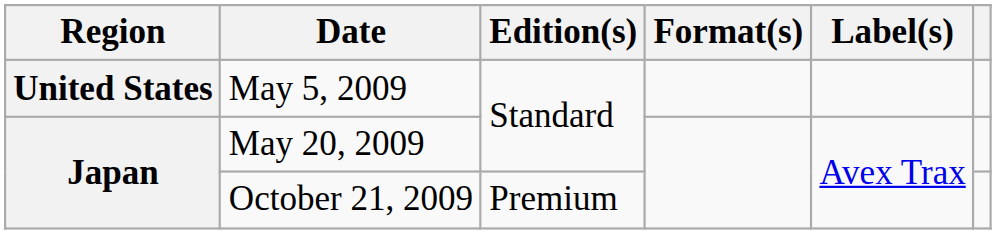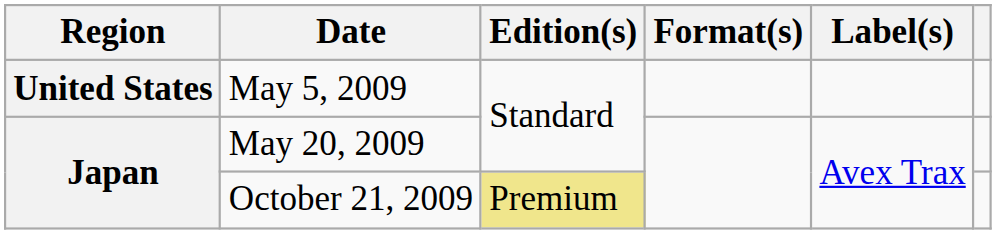 <table class="wikitable sortable plainrowheaders">
 <tr>
 <th scope="col">Region</th>
 <th scope="col">Date</th>
 <th scope="col">Edition(s)</th>
 <th scope="col">Format(s)</th>
 <th scope="col">Label(s)</th>
 <th scope="col"></th>
 </tr>
 <tr>
 <th scope="row">United States</th>
 <td>May 5, 2009</td>
 <td rowspan="2">Standard</td>
 <td rowspan="1"></td>
 <td rowspan="1"></td>
 <td align="center"></td>
 </tr>
 <tr>
 <th rowspan="2" scope="row">Japan</th>
 <td>May 20, 2009</td>
 <td rowspan="2"></td>
 <td rowspan="2"><a href='#'>Avex Trax</a></td>
 <td align="center"></td>
 </tr>
 <tr>
 <td>October 21, 2009</td>
-<td rowspan="1">Premium</td>
+<td rowspan="1" style="background: khaki;">Premium</td>
 <td align="center"></td>
 </tr>
 </table>
